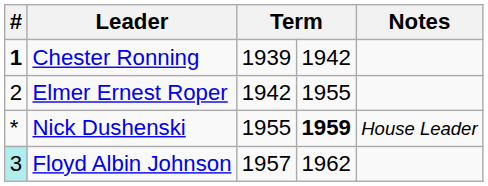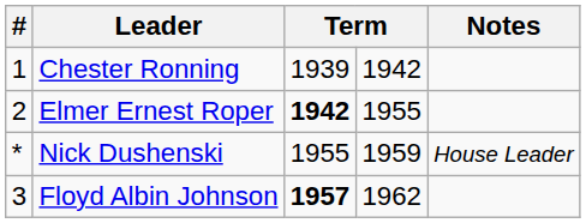 <table class="wikitable">
 <tr>
 <th>#</th>
 <th>Leader</th>
 <th colspan="2">Term</th>
 <th>Notes</th>
 </tr>
 <tr>
-<td><strong>1</strong></td>
+<td>1</td>
 <td><a href='#'>Chester Ronning</a></td>
 <td>1939</td>
 <td>1942</td>
 <td></td>
 </tr>
 <tr>
 <td>2</td>
 <td><a href='#'>Elmer Ernest Roper</a></td>
-<td>1942</td>
+<td><strong>1942</strong></td>
 <td>1955</td>
 <td></td>
 </tr>
 <tr>
 <td>*</td>
 <td><a href='#'>Nick Dushenski</a></td>
 <td>1955</td>
-<td><strong>1959</strong></td>
+<td>1959</td>
 <td><small><em>House Leader</em></small></td>
 </tr>
 <tr>
-<td style="background: paleturquoise;">3</td>
+<td>3</td>
 <td><a href='#'>Floyd Albin Johnson</a></td>
-<td>1957</td>
+<td><strong>1957</strong></td>
 <td>1962</td>
 </tr>
 </table>
